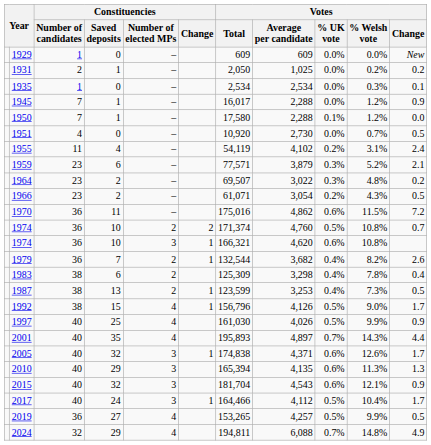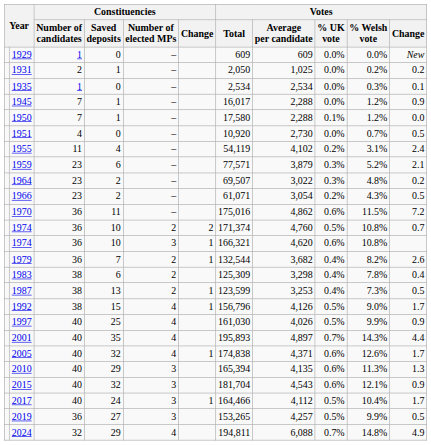 <table class="wikitable sortable" style="text-align:right;">
 <tr style="text-align:center;">
 <th rowspan="2" colspan="2">Year</th>
 <th colspan="4">Constituencies</th>
 <th colspan="5">Votes</th>
 </tr>
 <tr style="text-align:center;">
 <th>Number of<br>candidates</th>
 <th>Saved<br>deposits</th>
 <th>Number of<br>elected MPs</th>
 <th>Change</th>
 <th>Total</th>
 <th>Average<br>per candidate</th>
 <th>% UK<br>vote</th>
 <th>% Welsh<br>vote</th>
 <th>Change<br></th>
 </tr>
 <tr>
 <td width="1" style="color:inherit;background:"></td>
 <td><a href='#'>1929</a></td>
 <td><a href='#'>1</a></td>
 <td>0</td>
 <td>–</td>
 <td></td>
 <td>609</td>
 <td>609</td>
 <td>0.0%</td>
 <td>0.0%</td>
 <td><em>New</em></td>
 </tr>
 <tr>
 <td width="1" style="color:inherit;background:"></td>
 <td><a href='#'>1931</a></td>
 <td>2</td>
 <td>1</td>
 <td>–</td>
 <td></td>
 <td>2,050</td>
 <td>1,025</td>
 <td>0.0%</td>
 <td>0.2%</td>
 <td> 0.2</td>
 </tr>
 <tr>
 <td width="1" style="color:inherit;background:"></td>
 <td><a href='#'>1935</a></td>
 <td><a href='#'>1</a></td>
 <td>0</td>
 <td>–</td>
 <td></td>
 <td>2,534</td>
 <td>2,534</td>
 <td>0.0%</td>
 <td>0.3%</td>
 <td> 0.1</td>
 </tr>
 <tr>
 <td width="1" style="color:inherit;background:"></td>
 <td><a href='#'>1945</a></td>
 <td>7</td>
 <td>1</td>
 <td>–</td>
 <td></td>
 <td>16,017</td>
 <td>2,288</td>
 <td>0.0%</td>
 <td>1.2%</td>
 <td> 0.9</td>
 </tr>
 <tr>
 <td width="1" style="color:inherit;background:"></td>
 <td><a href='#'>1950</a></td>
 <td>7</td>
 <td>1</td>
 <td>–</td>
 <td></td>
 <td>17,580</td>
 <td>2,288</td>
 <td>0.1%</td>
 <td>1.2%</td>
 <td> 0.0</td>
 </tr>
 <tr>
 <td width="1" style="color:inherit;background:"></td>
 <td><a href='#'>1951</a></td>
 <td>4</td>
 <td>0</td>
 <td>–</td>
 <td></td>
 <td>10,920</td>
 <td>2,730</td>
 <td>0.0%</td>
 <td>0.7%</td>
 <td> 0.5</td>
 </tr>
 <tr>
 <td width="1" style="color:inherit;background:"></td>
 <td><a href='#'>1955</a></td>
 <td>11</td>
 <td>4</td>
 <td>–</td>
 <td></td>
 <td>54,119</td>
 <td>4,102</td>
 <td>0.2%</td>
 <td>3.1%</td>
 <td> 2.4</td>
 </tr>
 <tr>
 <td width="1" style="color:inherit;background:"></td>
 <td><a href='#'>1959</a></td>
 <td>23</td>
 <td>6</td>
 <td>–</td>
 <td></td>
 <td>77,571</td>
 <td>3,879</td>
 <td>0.3%</td>
 <td>5.2%</td>
 <td> 2.1</td>
 </tr>
 <tr>
 <td width="1" style="color:inherit;background:"></td>
 <td><a href='#'>1964</a></td>
 <td>23</td>
 <td>2</td>
 <td>–</td>
 <td></td>
 <td>69,507</td>
 <td>3,022</td>
 <td>0.3%</td>
 <td>4.8%</td>
 <td> 0.2</td>
 </tr>
 <tr>
 <td width="1" style="color:inherit;background:"></td>
 <td><a href='#'>1966</a></td>
 <td>23</td>
 <td>2</td>
 <td>–</td>
 <td></td>
 <td>61,071</td>
 <td>3,054</td>
 <td>0.2%</td>
 <td>4.3%</td>
 <td> 0.5</td>
 </tr>
 <tr>
 <td width="1" style="color:inherit;background:"></td>
 <td><a href='#'>1970</a></td>
 <td>36</td>
 <td>11</td>
 <td>–</td>
 <td></td>
 <td>175,016</td>
 <td>4,862</td>
 <td>0.6%</td>
 <td>11.5%</td>
 <td> 7.2</td>
 </tr>
 <tr>
 <td width="1" style="color:inherit;background:"></td>
 <td><a href='#'>1974 </a></td>
 <td>36</td>
 <td>10</td>
 <td>2</td>
 <td> 2</td>
 <td>171,374</td>
 <td>4,760</td>
 <td>0.5%</td>
 <td>10.8%</td>
 <td> 0.7</td>
 </tr>
 <tr>
 <td width="1" style="color:inherit;background:"></td>
 <td><a href='#'>1974 </a></td>
 <td>36</td>
 <td>10</td>
 <td>3</td>
 <td> 1</td>
 <td>166,321</td>
 <td>4,620</td>
 <td>0.6%</td>
 <td>10.8%</td>
 <td></td>
 </tr>
 <tr>
 <td width="1" style="color:inherit;background:"></td>
 <td><a href='#'>1979</a></td>
 <td>36</td>
 <td>7</td>
 <td>2</td>
 <td> 1</td>
 <td>132,544</td>
 <td>3,682</td>
 <td>0.4%</td>
 <td>8.2%</td>
 <td> 2.6</td>
 </tr>
 <tr>
 <td width="1" style="color:inherit;background:"></td>
 <td><a href='#'>1983</a></td>
 <td>38</td>
 <td>6</td>
 <td>2</td>
 <td></td>
 <td>125,309</td>
 <td>3,298</td>
 <td>0.4%</td>
 <td>7.8%</td>
 <td> 0.4</td>
 </tr>
 <tr>
 <td width="1" style="color:inherit;background:"></td>
 <td><a href='#'>1987</a></td>
 <td>38</td>
 <td>13</td>
 <td>2</td>
 <td> 1</td>
 <td>123,599</td>
 <td>3,253</td>
 <td>0.4%</td>
 <td>7.3%</td>
 <td> 0.5</td>
 </tr>
 <tr>
 <td width="1" style="color:inherit;background:"></td>
 <td><a href='#'>1992</a></td>
 <td>38</td>
 <td>15</td>
 <td>4</td>
 <td> 1</td>
 <td>156,796</td>
 <td>4,126</td>
 <td>0.5%</td>
 <td>9.0%</td>
 <td> 1.7</td>
 </tr>
 <tr>
 <td width="1" style="color:inherit;background:"></td>
 <td><a href='#'>1997</a></td>
 <td>40</td>
 <td>25</td>
 <td>4</td>
 <td></td>
 <td>161,030</td>
 <td>4,026</td>
 <td>0.5%</td>
 <td>9.9%</td>
 <td> 0.9</td>
 </tr>
 <tr>
 <td width="1" style="color:inherit;background:"></td>
 <td><a href='#'>2001</a></td>
 <td>40</td>
 <td>35</td>
 <td>4</td>
 <td></td>
 <td>195,893</td>
 <td>4,897</td>
 <td>0.7%</td>
 <td>14.3%</td>
 <td> 4.4</td>
 </tr>
 <tr>
 <td width="1" style="color:inherit;background:"></td>
 <td><a href='#'>2005</a></td>
 <td>40</td>
 <td>32</td>
-<td>3</td>
+<td>4</td>
 <td> 1</td>
 <td>174,838</td>
 <td>4,371</td>
 <td>0.6%</td>
 <td>12.6%</td>
 <td> 1.7</td>
 </tr>
 <tr>
 <td width="1" style="color:inherit;background:"></td>
 <td><a href='#'>2010</a></td>
 <td>40</td>
 <td>29</td>
 <td>3</td>
 <td></td>
 <td>165,394</td>
 <td>4,135</td>
 <td>0.6%</td>
 <td>11.3%</td>
 <td> 1.3</td>
 </tr>
 <tr>
 <td width="1" style="color:inherit;background:"></td>
 <td><a href='#'>2015</a></td>
 <td>40</td>
 <td>32</td>
 <td>3</td>
 <td></td>
 <td>181,704</td>
 <td>4,543</td>
 <td>0.6%</td>
 <td>12.1%</td>
 <td> 0.9</td>
 </tr>
 <tr>
 <td width="1" style="color:inherit;background:"></td>
 <td><a href='#'>2017</a></td>
 <td>40</td>
 <td>24</td>
 <td>3</td>
 <td> 1</td>
 <td>164,466</td>
 <td>4,112</td>
 <td>0.5%</td>
 <td>10.4%</td>
 <td> 1.7</td>
 </tr>
 <tr>
 <td width="1" style="color:inherit;background:"></td>
 <td><a href='#'>2019</a></td>
 <td>36</td>
 <td>27</td>
-<td>4</td>
+<td>3</td>
 <td></td>
 <td>153,265</td>
 <td>4,257</td>
 <td>0.5%</td>
 <td>9.9%</td>
 <td> 0.5</td>
 </tr>
 <tr>
 <td width="1" style="color:inherit;background:"></td>
 <td><a href='#'>2024</a></td>
 <td>32</td>
 <td>29</td>
 <td>4</td>
 <td></td>
 <td>194,811</td>
 <td>6,088</td>
 <td>0.7%</td>
 <td>14.8%</td>
 <td>4.9</td>
 </tr>
 </table>
